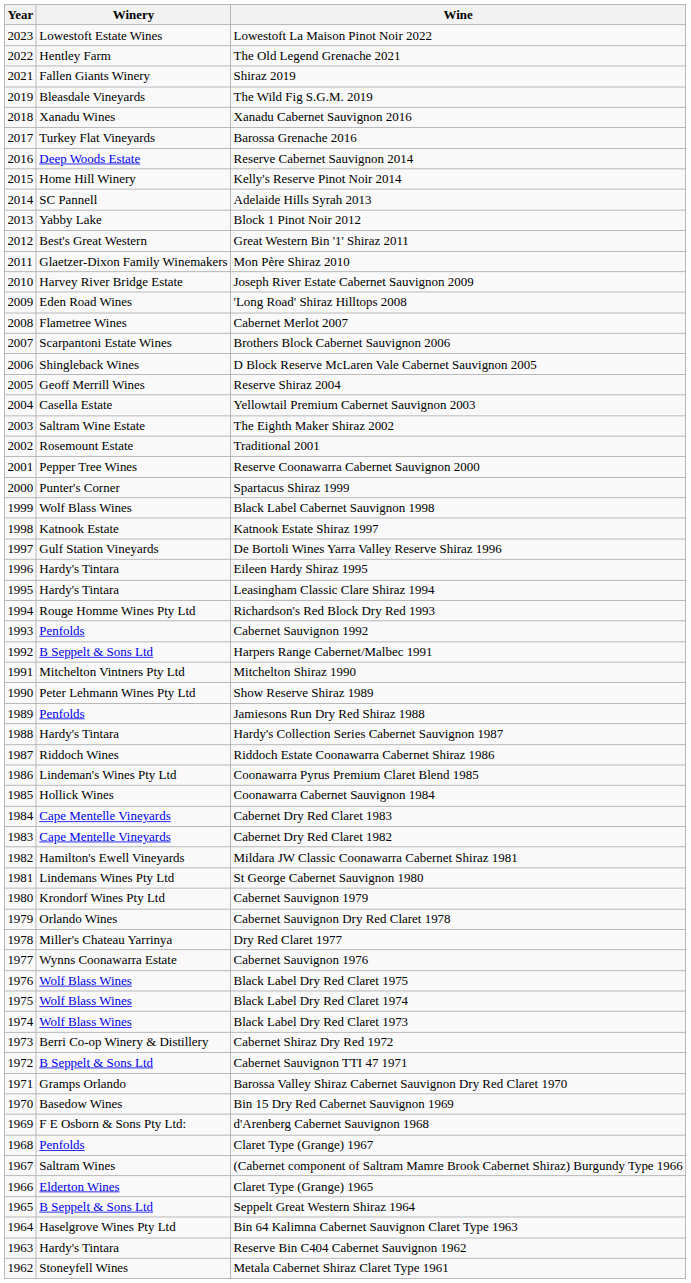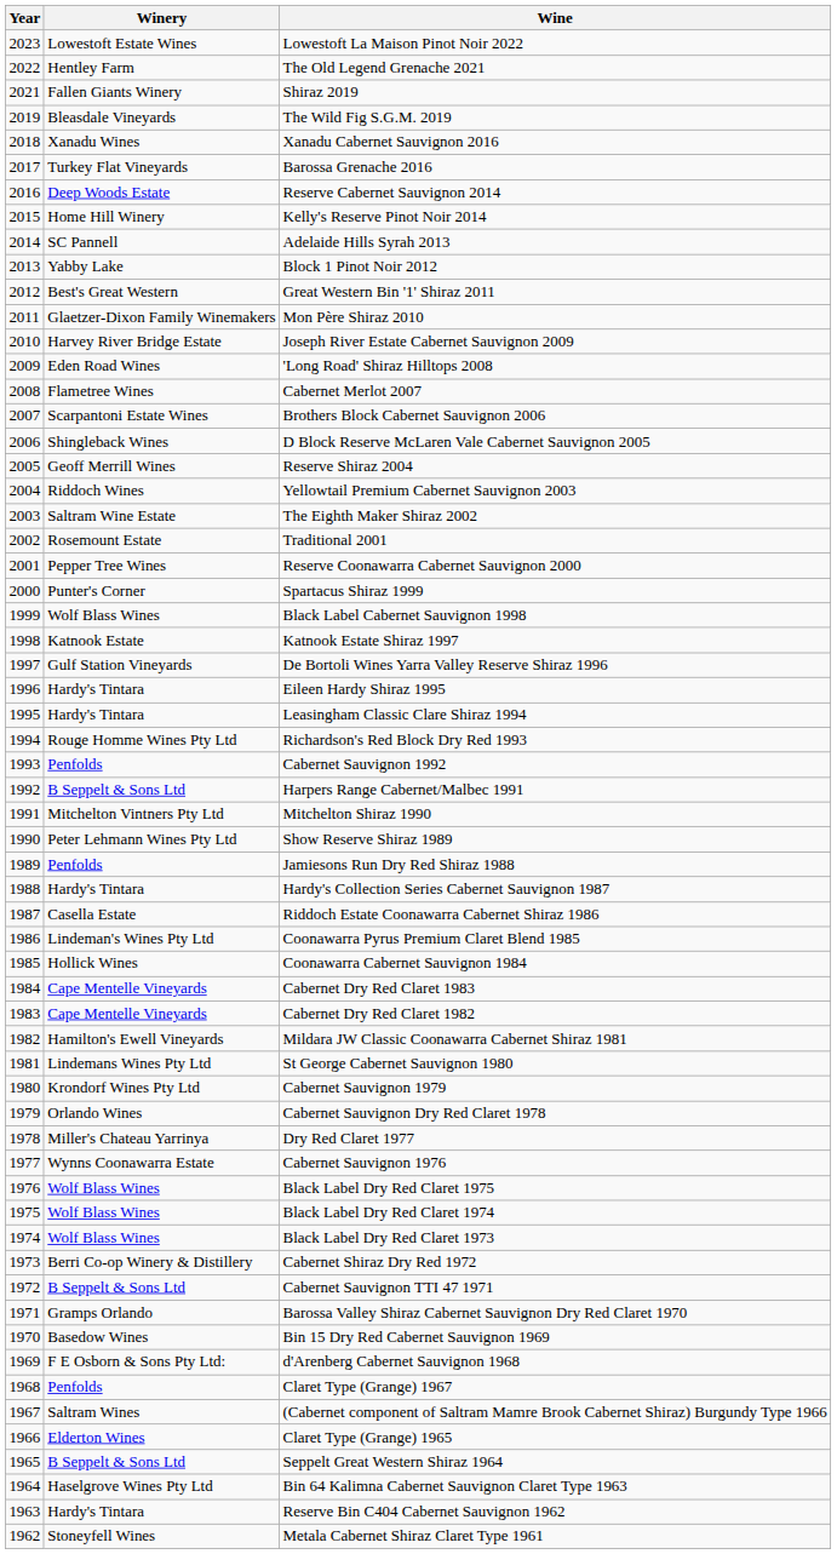 <table class="wikitable">
 <tr>
 <th>Year</th>
 <th>Winery</th>
 <th>Wine</th>
 </tr>
 <tr>
 <td>2023</td>
 <td>Lowestoft Estate Wines</td>
 <td>Lowestoft La Maison Pinot Noir 2022</td>
 </tr>
 <tr>
 <td>2022</td>
 <td>Hentley Farm</td>
 <td>The Old Legend Grenache 2021</td>
 </tr>
 <tr>
 <td>2021</td>
 <td>Fallen Giants Winery</td>
 <td>Shiraz 2019</td>
 </tr>
 <tr>
 <td>2019</td>
 <td>Bleasdale Vineyards</td>
 <td>The Wild Fig S.G.M. 2019</td>
 </tr>
 <tr>
 <td>2018</td>
 <td>Xanadu Wines</td>
 <td>Xanadu Cabernet Sauvignon 2016</td>
 </tr>
 <tr>
 <td>2017</td>
 <td>Turkey Flat Vineyards</td>
 <td>Barossa Grenache 2016</td>
 </tr>
 <tr>
 <td>2016</td>
 <td><a href='#'>Deep Woods Estate</a></td>
 <td>Reserve Cabernet Sauvignon 2014</td>
 </tr>
 <tr>
 <td>2015</td>
 <td>Home Hill Winery</td>
 <td>Kelly's Reserve Pinot Noir 2014</td>
 </tr>
 <tr>
 <td>2014</td>
 <td>SC Pannell</td>
 <td>Adelaide Hills Syrah 2013</td>
 </tr>
 <tr>
 <td>2013</td>
 <td>Yabby Lake</td>
 <td>Block 1 Pinot Noir 2012</td>
 </tr>
 <tr>
 <td>2012</td>
 <td>Best's Great Western</td>
 <td>Great Western Bin '1' Shiraz 2011</td>
 </tr>
 <tr>
 <td>2011</td>
 <td>Glaetzer-Dixon Family Winemakers</td>
 <td>Mon Père Shiraz 2010</td>
 </tr>
 <tr>
 <td>2010</td>
 <td>Harvey River Bridge Estate</td>
 <td>Joseph River Estate Cabernet Sauvignon 2009</td>
 </tr>
 <tr>
 <td>2009</td>
 <td>Eden Road Wines</td>
 <td>'Long Road' Shiraz Hilltops 2008</td>
 </tr>
 <tr>
 <td>2008</td>
 <td>Flametree Wines</td>
 <td>Cabernet Merlot 2007</td>
 </tr>
 <tr>
 <td>2007</td>
 <td>Scarpantoni Estate Wines</td>
 <td>Brothers Block Cabernet Sauvignon 2006</td>
 </tr>
 <tr>
 <td>2006</td>
 <td>Shingleback Wines</td>
 <td>D Block Reserve McLaren Vale Cabernet Sauvignon 2005</td>
 </tr>
 <tr>
 <td>2005</td>
 <td>Geoff Merrill Wines</td>
 <td>Reserve Shiraz 2004</td>
 </tr>
 <tr>
 <td>2004</td>
-<td>Casella Estate</td>
+<td>Riddoch Wines</td>
 <td>Yellowtail Premium Cabernet Sauvignon 2003</td>
 </tr>
 <tr>
 <td>2003</td>
 <td>Saltram Wine Estate</td>
 <td>The Eighth Maker Shiraz 2002</td>
 </tr>
 <tr>
 <td>2002</td>
 <td>Rosemount Estate</td>
 <td>Traditional 2001</td>
 </tr>
 <tr>
 <td>2001</td>
 <td>Pepper Tree Wines</td>
 <td>Reserve Coonawarra Cabernet Sauvignon 2000</td>
 </tr>
 <tr>
 <td>2000</td>
 <td>Punter's Corner</td>
 <td>Spartacus Shiraz 1999</td>
 </tr>
 <tr>
 <td>1999</td>
 <td>Wolf Blass Wines</td>
 <td>Black Label Cabernet Sauvignon 1998</td>
 </tr>
 <tr>
 <td>1998</td>
 <td>Katnook Estate</td>
 <td>Katnook Estate Shiraz 1997</td>
 </tr>
 <tr>
 <td>1997</td>
 <td>Gulf Station Vineyards</td>
 <td>De Bortoli Wines Yarra Valley Reserve Shiraz 1996</td>
 </tr>
 <tr>
 <td>1996</td>
 <td>Hardy's Tintara</td>
 <td>Eileen Hardy Shiraz 1995</td>
 </tr>
 <tr>
 <td>1995</td>
 <td>Hardy's Tintara</td>
 <td>Leasingham Classic Clare Shiraz 1994</td>
 </tr>
 <tr>
 <td>1994</td>
 <td>Rouge Homme Wines Pty Ltd</td>
 <td>Richardson's Red Block Dry Red 1993</td>
 </tr>
 <tr>
 <td>1993</td>
 <td><a href='#'>Penfolds</a></td>
 <td>Cabernet Sauvignon 1992</td>
 </tr>
 <tr>
 <td>1992</td>
 <td><a href='#'>B Seppelt & Sons Ltd</a></td>
 <td>Harpers Range Cabernet/Malbec 1991</td>
 </tr>
 <tr>
 <td>1991</td>
 <td>Mitchelton Vintners Pty Ltd</td>
 <td>Mitchelton Shiraz 1990</td>
 </tr>
 <tr>
 <td>1990</td>
 <td>Peter Lehmann Wines Pty Ltd</td>
 <td>Show Reserve Shiraz 1989</td>
 </tr>
 <tr>
 <td>1989</td>
 <td><a href='#'>Penfolds</a></td>
 <td>Jamiesons Run Dry Red Shiraz 1988</td>
 </tr>
 <tr>
 <td>1988</td>
 <td>Hardy's Tintara</td>
 <td>Hardy's Collection Series Cabernet Sauvignon 1987</td>
 </tr>
 <tr>
 <td>1987</td>
-<td>Riddoch Wines</td>
+<td>Casella Estate</td>
 <td>Riddoch Estate Coonawarra Cabernet Shiraz 1986</td>
 </tr>
 <tr>
 <td>1986</td>
 <td>Lindeman's Wines Pty Ltd</td>
 <td>Coonawarra Pyrus Premium Claret Blend 1985</td>
 </tr>
 <tr>
 <td>1985</td>
 <td>Hollick Wines</td>
 <td>Coonawarra Cabernet Sauvignon 1984</td>
 </tr>
 <tr>
 <td>1984</td>
 <td><a href='#'>Cape Mentelle Vineyards</a></td>
 <td>Cabernet Dry Red Claret 1983</td>
 </tr>
 <tr>
 <td>1983</td>
 <td><a href='#'>Cape Mentelle Vineyards</a></td>
 <td>Cabernet Dry Red Claret 1982</td>
 </tr>
 <tr>
 <td>1982</td>
 <td>Hamilton's Ewell Vineyards</td>
 <td>Mildara JW Classic Coonawarra Cabernet Shiraz 1981</td>
 </tr>
 <tr>
 <td>1981</td>
 <td>Lindemans Wines Pty Ltd</td>
 <td>St George Cabernet Sauvignon 1980</td>
 </tr>
 <tr>
 <td>1980</td>
 <td>Krondorf Wines Pty Ltd</td>
 <td>Cabernet Sauvignon 1979</td>
 </tr>
 <tr>
 <td>1979</td>
 <td>Orlando Wines</td>
 <td>Cabernet Sauvignon Dry Red Claret 1978</td>
 </tr>
 <tr>
 <td>1978</td>
 <td>Miller's Chateau Yarrinya</td>
 <td>Dry Red Claret 1977</td>
 </tr>
 <tr>
 <td>1977</td>
 <td>Wynns Coonawarra Estate</td>
 <td>Cabernet Sauvignon 1976</td>
 </tr>
 <tr>
 <td>1976</td>
 <td><a href='#'>Wolf Blass Wines</a></td>
 <td>Black Label Dry Red Claret 1975</td>
 </tr>
 <tr>
 <td>1975</td>
 <td><a href='#'>Wolf Blass Wines</a></td>
 <td>Black Label Dry Red Claret 1974</td>
 </tr>
 <tr>
 <td>1974</td>
 <td><a href='#'>Wolf Blass Wines</a></td>
 <td>Black Label Dry Red Claret 1973</td>
 </tr>
 <tr>
 <td>1973</td>
 <td>Berri Co-op Winery & Distillery</td>
 <td>Cabernet Shiraz Dry Red 1972</td>
 </tr>
 <tr>
 <td>1972</td>
 <td><a href='#'>B Seppelt & Sons Ltd</a></td>
 <td>Cabernet Sauvignon TTI 47 1971</td>
 </tr>
 <tr>
 <td>1971</td>
 <td>Gramps Orlando</td>
 <td>Barossa Valley Shiraz Cabernet Sauvignon Dry Red Claret 1970</td>
 </tr>
 <tr>
 <td>1970</td>
 <td>Basedow Wines</td>
 <td>Bin 15 Dry Red Cabernet Sauvignon 1969</td>
 </tr>
 <tr>
 <td>1969</td>
 <td>F E Osborn & Sons Pty Ltd:</td>
 <td>d'Arenberg Cabernet Sauvignon 1968</td>
 </tr>
 <tr>
 <td>1968</td>
 <td><a href='#'>Penfolds</a></td>
 <td>Claret Type (Grange) 1967</td>
 </tr>
 <tr>
 <td>1967</td>
 <td>Saltram Wines</td>
 <td>(Cabernet component of Saltram Mamre Brook Cabernet Shiraz) Burgundy Type 1966</td>
 </tr>
 <tr>
 <td>1966</td>
 <td><a href='#'>Elderton Wines</a></td>
 <td>Claret Type (Grange) 1965</td>
 </tr>
 <tr>
 <td>1965</td>
 <td><a href='#'>B Seppelt & Sons Ltd</a></td>
 <td>Seppelt Great Western Shiraz 1964</td>
 </tr>
 <tr>
 <td>1964</td>
 <td>Haselgrove Wines Pty Ltd</td>
 <td>Bin 64 Kalimna Cabernet Sauvignon Claret Type 1963</td>
 </tr>
 <tr>
 <td>1963</td>
 <td>Hardy's Tintara</td>
 <td>Reserve Bin C404 Cabernet Sauvignon 1962</td>
 </tr>
 <tr>
 <td>1962</td>
 <td>Stoneyfell Wines</td>
 <td>Metala Cabernet Shiraz Claret Type 1961</td>
 </tr>
 </table>
